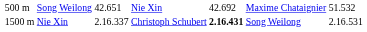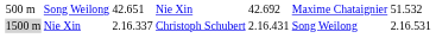 <table>
 <tr>
 <td>500 m</td>
 <td><a href='#'>Song Weilong</a><br></td>
 <td>42.651</td>
 <td><a href='#'>Nie Xin</a><br></td>
 <td>42.692</td>
 <td><a href='#'>Maxime Chataignier</a><br></td>
 <td>51.532</td>
 </tr>
 <tr>
-<td>1500 m</td>
+<td style="background: lightgrey;">1500 m</td>
 <td><a href='#'>Nie Xin</a><br></td>
 <td>2.16.337</td>
 <td><a href='#'>Christoph Schubert</a><br></td>
-<td><strong>2.16.431</strong></td>
+<td>2.16.431</td>
 <td><a href='#'>Song Weilong</a><br></td>
 <td>2.16.531</td>
 </tr>
 </table>
